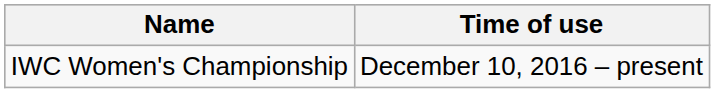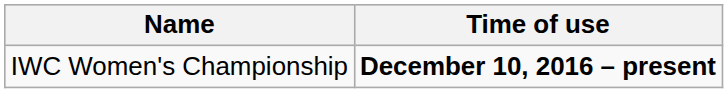 <table class="wikitable" border="1">
 <tr>
 <th>Name</th>
 <th>Time of use</th>
 </tr>
 <tr>
 <td>IWC Women's Championship</td>
-<td>December 10, 2016 – present</td>
+<td><strong>December 10, 2016 – present</strong></td>
 </tr>
 </table>
